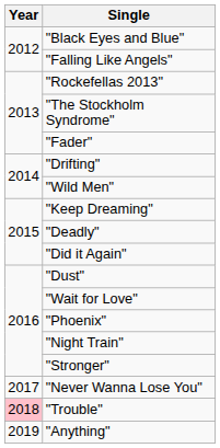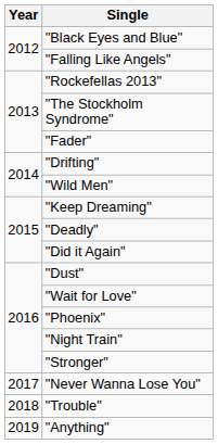 <table class="wikitable">
 <tr>
 <th style="text-align:center; width:10px;">Year</th>
 <th style="text-align:center; width:190px;">Single</th>
 </tr>
 <tr>
 <td rowspan="2" style="text-align:center;">2012</td>
 <td>"Black Eyes and Blue"</td>
 </tr>
 <tr>
 <td>"Falling Like Angels"</td>
 </tr>
 <tr>
 <td rowspan="3" style="text-align:center;">2013</td>
 <td>"Rockefellas 2013"</td>
 </tr>
 <tr>
 <td>"The Stockholm Syndrome" <br></td>
 </tr>
 <tr>
 <td>"Fader"</td>
 </tr>
 <tr>
 <td rowspan="2" style="text-align:center;">2014</td>
 <td>"Drifting"</td>
 </tr>
 <tr>
 <td>"Wild Men" <br></td>
 </tr>
 <tr>
 <td rowspan="3" style="text-align:center;">2015</td>
 <td>"Keep Dreaming" <br></td>
 </tr>
 <tr>
 <td>"Deadly" <br></td>
 </tr>
 <tr>
 <td>"Did it Again" <br></td>
 </tr>
 <tr>
 <td rowspan="5" style="text-align:center;">2016</td>
 <td>"Dust" <br></td>
 </tr>
 <tr>
 <td>"Wait for Love" <br></td>
 </tr>
 <tr>
 <td>"Phoenix" <br></td>
 </tr>
 <tr>
 <td>"Night Train" <br></td>
 </tr>
 <tr>
 <td>"Stronger" <br></td>
 </tr>
 <tr>
 <td style="text-align:center;">2017</td>
 <td>"Never Wanna Lose You" <br></td>
 </tr>
 <tr>
-<td style="background: pink; text-align:center;">2018</td>
+<td style="text-align:center;">2018</td>
 <td>"Trouble"</td>
 </tr>
 <tr>
 <td style="text-align:center;">2019</td>
 <td>"Anything"<br></td>
 </tr>
 </table>
